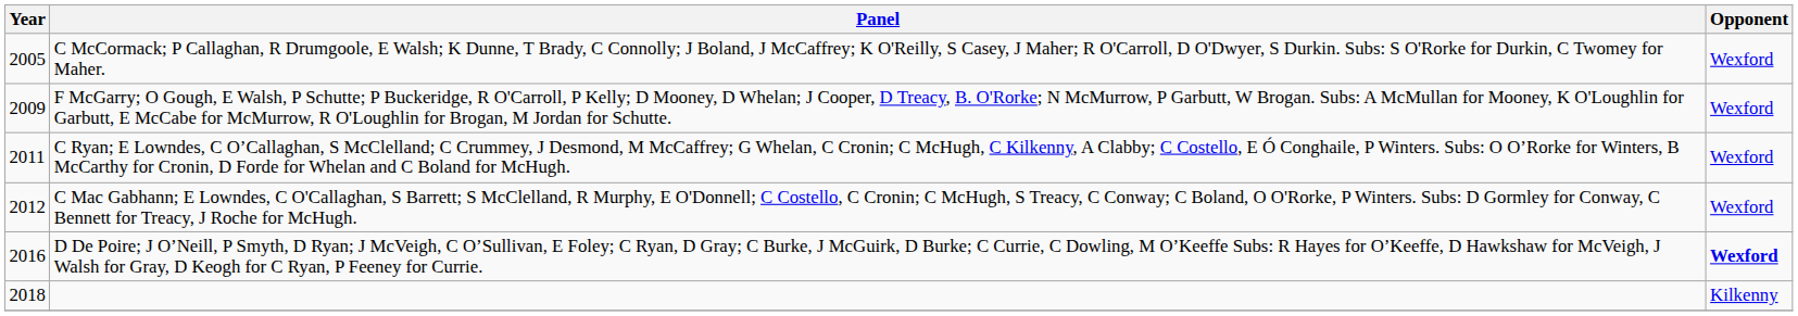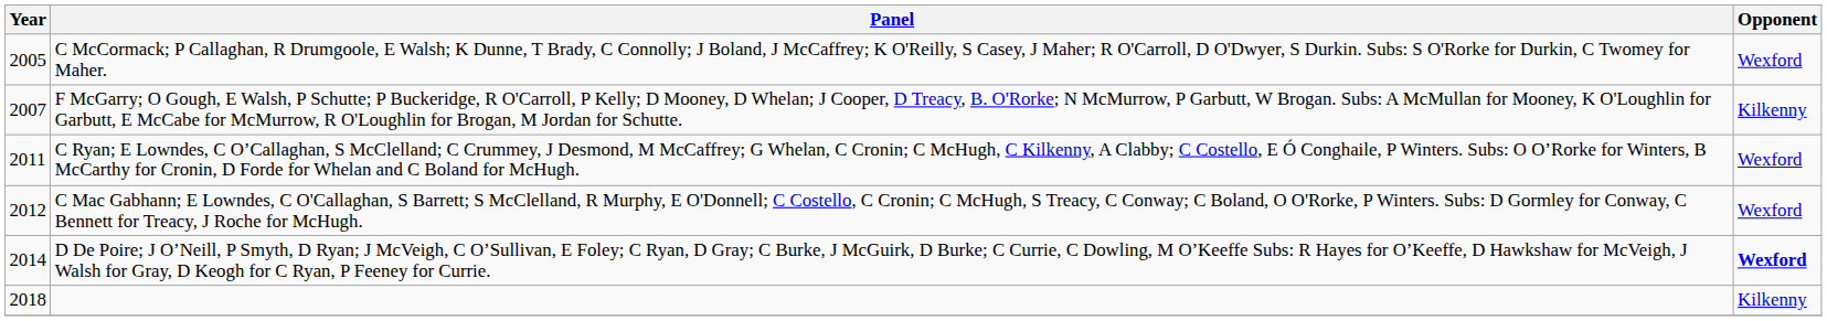 <table class="wikitable">
 <tr>
 <th>Year</th>
 <th><a href='#'>Panel</a></th>
 <th>Opponent</th>
 </tr>
 <tr>
 <td>2005</td>
 <td>C McCormack; P Callaghan, R Drumgoole, E Walsh; K Dunne, T Brady, C Connolly; J Boland, J McCaffrey; K O'Reilly, S Casey, J Maher; R O'Carroll, D O'Dwyer, S Durkin. Subs: S O'Rorke for Durkin, C Twomey for Maher.</td>
 <td><a href='#'>Wexford</a></td>
 </tr>
 <tr>
-<td>2009</td>
+<td>2007</td>
 <td>F McGarry; O Gough, E Walsh, P Schutte; P Buckeridge, R O'Carroll, P Kelly; D Mooney, D Whelan; J Cooper, <a href='#'>D Treacy</a>, <a href='#'>B. O'Rorke</a>; N McMurrow, P Garbutt, W Brogan. Subs: A McMullan for Mooney, K O'Loughlin for Garbutt, E McCabe for McMurrow, R O'Loughlin for Brogan, M Jordan for Schutte.</td>
-<td><a href='#'>Wexford</a></td>
+<td><a href='#'>Kilkenny</a></td>
 </tr>
 <tr>
 <td>2011</td>
 <td>C Ryan; E Lowndes, C O’Callaghan, S McClelland; C Crummey, J Desmond, M McCaffrey; G Whelan, C Cronin; C McHugh, <a href='#'>C Kilkenny</a>, A Clabby; <a href='#'>C Costello</a>, E Ó Conghaile, P Winters. Subs: O O’Rorke for Winters, B McCarthy for Cronin, D Forde for Whelan and C Boland for McHugh.</td>
 <td><a href='#'>Wexford</a></td>
 </tr>
 <tr>
 <td>2012</td>
 <td>C Mac Gabhann; E Lowndes, C O'Callaghan, S Barrett; S McClelland, R Murphy, E O'Donnell; <a href='#'>C Costello</a>, C Cronin; C McHugh, S Treacy, C Conway; C Boland, O O'Rorke, P Winters. Subs: D Gormley for Conway, C Bennett for Treacy, J Roche for McHugh.</td>
 <td><a href='#'>Wexford</a></td>
 </tr>
 <tr>
-<td>2016</td>
+<td>2014</td>
 <td>D De Poire; J O’Neill, P Smyth, D Ryan; J McVeigh, C O’Sullivan, E Foley; C Ryan, D Gray; C Burke, J McGuirk, D Burke; C Currie, C Dowling, M O’Keeffe  Subs: R Hayes for O’Keeffe, D Hawkshaw for McVeigh, J Walsh for Gray, D Keogh for C Ryan, P Feeney for Currie.</td>
 <td><strong><a href='#'>Wexford</a></strong></td>
 </tr>
 <tr>
 <td>2018</td>
 <td></td>
 <td><a href='#'>Kilkenny</a></td>
 </tr>
 <tr>
 </tr>
 </table>
